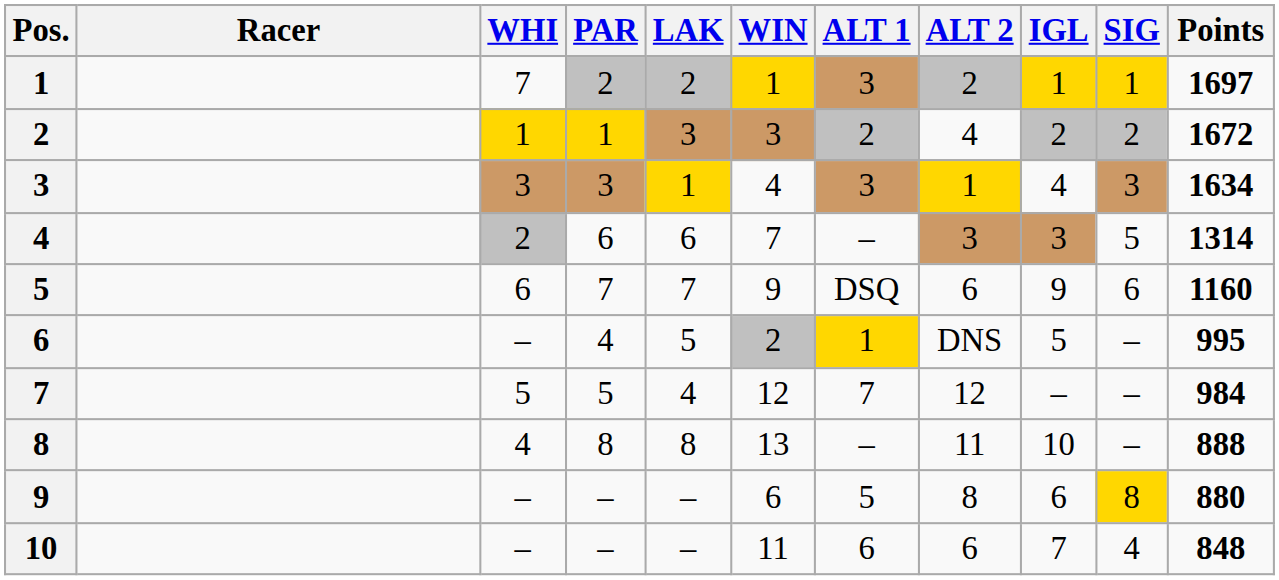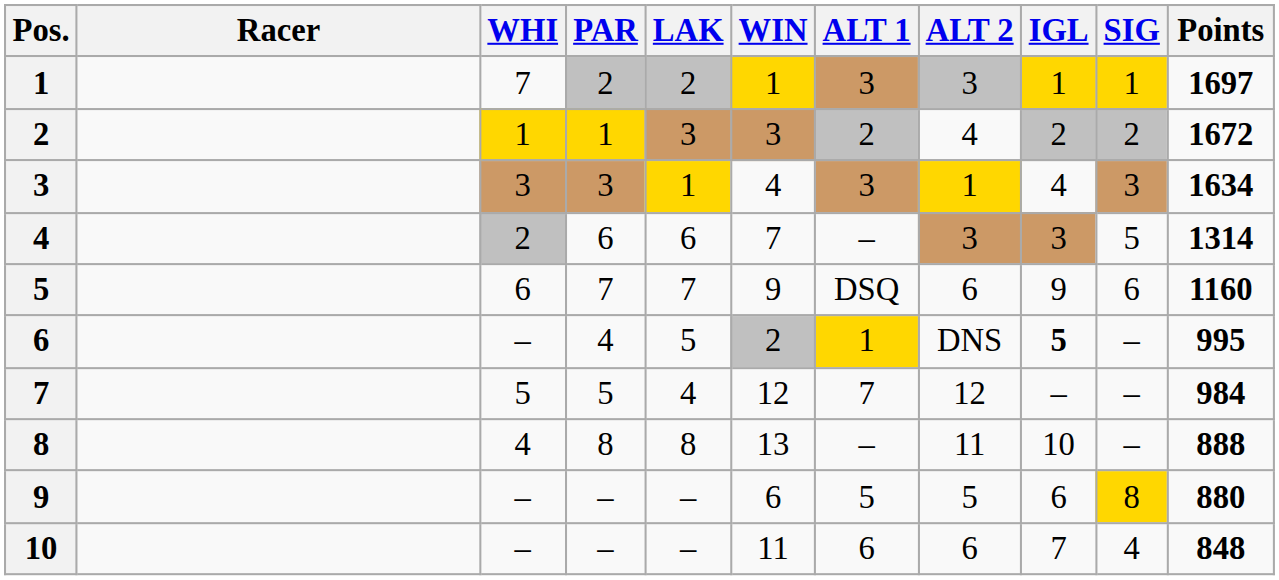 <table class="wikitable sortable plainrowheaders" style="text-align:center;">
 <tr>
 <th scope="col">Pos.</th>
 <th scope="col" style="width:190px;">Racer</th>
 <th scope="col"><strong> <a href='#'>WHI</a></strong></th>
 <th><strong> <a href='#'>PAR</a></strong></th>
 <th><strong> <a href='#'>LAK</a></strong></th>
 <th><strong> <a href='#'>WIN</a></strong></th>
 <th><strong> <a href='#'>ALT 1</a></strong></th>
 <th><strong> <a href='#'>ALT 2</a></strong></th>
 <th><strong> <a href='#'>IGL</a></strong></th>
 <th><strong> <a href='#'>SIG</a></strong></th>
 <th style="width:45px;">Points</th>
 </tr>
 <tr>
 <th>1</th>
 <td style="text-align:left"></td>
 <td>7</td>
 <td style="background:silver">2</td>
 <td style="background:silver">2</td>
 <td style="background:gold">1</td>
 <td style="background:#c96">3</td>
-<td style="background:silver">2</td>
+<td style="background:silver">3</td>
 <td style="background:gold">1</td>
 <td style="background:gold">1</td>
 <td><strong>1697</strong></td>
 </tr>
 <tr>
 <th>2</th>
 <td style="text-align:left"></td>
 <td style="background:gold">1</td>
 <td style="background:gold">1</td>
 <td style="background:#c96">3</td>
 <td style="background:#c96">3</td>
 <td style="background:silver">2</td>
 <td>4</td>
 <td style="background:silver">2</td>
 <td style="background:silver">2</td>
 <td><strong>1672</strong></td>
 </tr>
 <tr>
 <th>3</th>
 <td style="text-align:left"></td>
 <td style="background:#c96">3</td>
 <td style="background:#c96">3</td>
 <td style="background:gold">1</td>
 <td>4</td>
 <td style="background:#c96">3</td>
 <td style="background:gold">1</td>
 <td>4</td>
 <td style="background:#c96">3</td>
 <td><strong>1634</strong></td>
 </tr>
 <tr>
 <th>4</th>
 <td style="text-align:left"></td>
 <td style="background:silver">2</td>
 <td>6</td>
 <td>6</td>
 <td>7</td>
 <td>–</td>
 <td style="background:#c96">3</td>
 <td style="background:#c96">3</td>
 <td>5</td>
 <td><strong>1314</strong></td>
 </tr>
 <tr>
 <th>5</th>
 <td style="text-align:left"></td>
 <td>6</td>
 <td>7</td>
 <td>7</td>
 <td>9</td>
 <td>DSQ</td>
 <td>6</td>
 <td>9</td>
 <td>6</td>
 <td><strong>1160</strong></td>
 </tr>
 <tr>
 <th>6</th>
 <td style="text-align:left"></td>
 <td>–</td>
 <td>4</td>
 <td>5</td>
 <td style="background:silver">2</td>
 <td style="background:gold">1</td>
 <td>DNS</td>
-<td>5</td>
+<td><strong>5</strong></td>
 <td>–</td>
 <td><strong>995</strong></td>
 </tr>
 <tr>
 <th>7</th>
 <td style="text-align:left"></td>
 <td>5</td>
 <td>5</td>
 <td>4</td>
 <td>12</td>
 <td>7</td>
 <td>12</td>
 <td>–</td>
 <td>–</td>
 <td><strong>984</strong></td>
 </tr>
 <tr>
 <th>8</th>
 <td style="text-align:left"></td>
 <td>4</td>
 <td>8</td>
 <td>8</td>
 <td>13</td>
 <td>–</td>
 <td>11</td>
 <td>10</td>
 <td>–</td>
 <td><strong>888</strong></td>
 </tr>
 <tr>
 <th>9</th>
 <td style="text-align:left"></td>
 <td>–</td>
 <td>–</td>
 <td>–</td>
 <td>6</td>
 <td>5</td>
-<td>8</td>
+<td>5</td>
 <td>6</td>
 <td style="background: gold;">8</td>
 <td><strong>880</strong></td>
 </tr>
 <tr>
 <th>10</th>
 <td style="text-align:left"></td>
 <td>–</td>
 <td>–</td>
 <td>–</td>
 <td>11</td>
 <td>6</td>
 <td>6</td>
 <td>7</td>
 <td>4</td>
 <td><strong>848</strong></td>
 </tr>
 </table>
